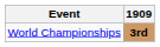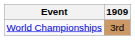 <table class="wikitable">
 <tr>
 <th>Event</th>
 <th>1909</th>
 </tr>
 <tr>
 <td><a href='#'>World Championships</a></td>
-<td align="center" bgcolor="cc9966"><strong>3rd</strong></td>
+<td align="center" bgcolor="cc9966">3rd</td>
 </tr>
 </table>
